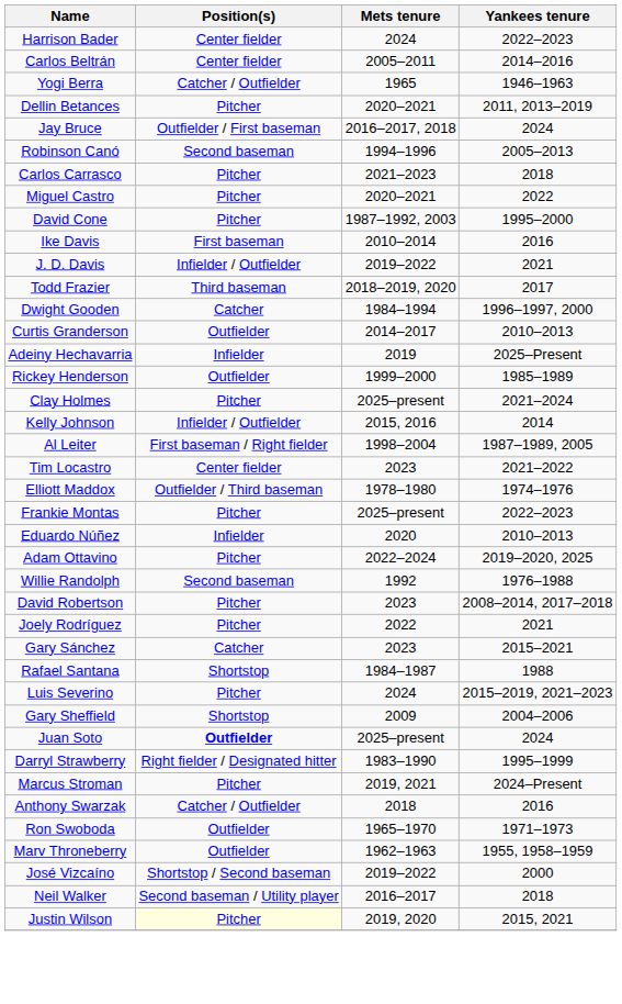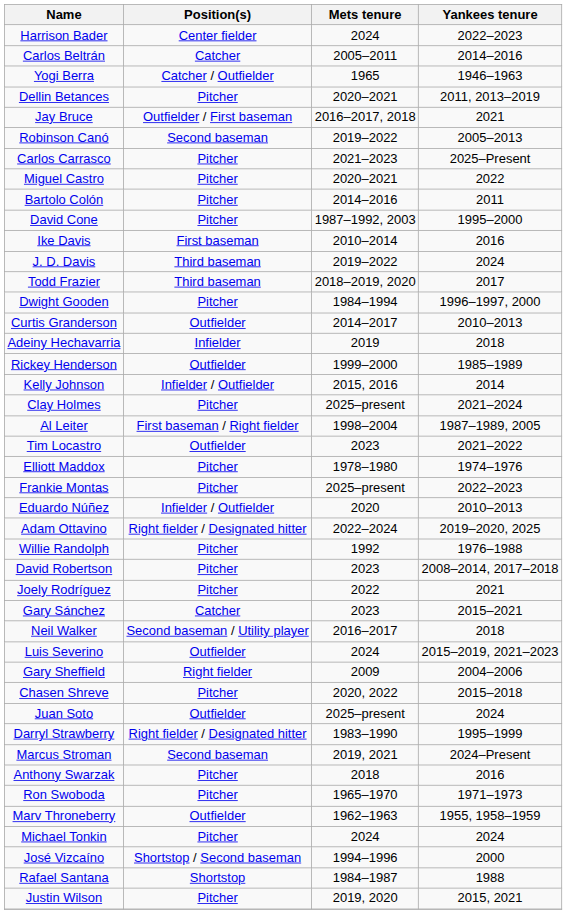 <table class="wikitable" style="text-align:center">
 <tr>
 <th>Name</th>
 <th>Position(s)</th>
 <th>Mets tenure</th>
 <th>Yankees tenure</th>
 </tr>
 <tr>
 <td><a href='#'>Harrison Bader</a></td>
 <td><a href='#'>Center fielder</a></td>
 <td>2024</td>
 <td>2022–2023</td>
 </tr>
 <tr>
 <td><a href='#'>Carlos Beltrán</a></td>
-<td><a href='#'>Center fielder</a></td>
+<td><a href='#'>Catcher</a></td>
 <td>2005–2011</td>
 <td>2014–2016</td>
 </tr>
 <tr>
 <td><a href='#'>Yogi Berra</a></td>
 <td><a href='#'>Catcher</a> / <a href='#'>Outfielder</a></td>
 <td>1965</td>
 <td>1946–1963</td>
 </tr>
 <tr>
 <td><a href='#'>Dellin Betances</a></td>
 <td><a href='#'>Pitcher</a></td>
 <td>2020–2021</td>
 <td>2011, 2013–2019</td>
 </tr>
 <tr>
 <td><a href='#'>Jay Bruce</a></td>
 <td><a href='#'>Outfielder</a> / <a href='#'>First baseman</a></td>
 <td>2016–2017, 2018</td>
-<td>2024</td>
+<td>2021</td>
 </tr>
 <tr>
 <td><a href='#'>Robinson Canó</a></td>
 <td><a href='#'>Second baseman</a></td>
-<td>1994–1996</td>
+<td>2019–2022</td>
 <td>2005–2013</td>
 </tr>
 <tr>
 <td><a href='#'>Carlos Carrasco</a></td>
 <td><a href='#'>Pitcher</a></td>
 <td>2021–2023</td>
-<td>2018</td>
+<td>2025–Present</td>
 </tr>
 <tr>
 <td><a href='#'>Miguel Castro</a></td>
 <td><a href='#'>Pitcher</a></td>
 <td>2020–2021</td>
 <td>2022</td>
+</tr>
+<tr>
+<td><a href='#'>Bartolo Colón</a></td>
+<td><a href='#'>Pitcher</a></td>
+<td>2014–2016</td>
+<td>2011</td>
 </tr>
 <tr>
 <td><a href='#'>David Cone</a></td>
 <td><a href='#'>Pitcher</a></td>
 <td>1987–1992, 2003</td>
 <td>1995–2000</td>
 </tr>
 <tr>
 <td><a href='#'>Ike Davis</a></td>
 <td><a href='#'>First baseman</a></td>
 <td>2010–2014</td>
 <td>2016</td>
 </tr>
 <tr>
 <td><a href='#'>J. D. Davis</a></td>
-<td><a href='#'>Infielder</a> / <a href='#'>Outfielder</a></td>
+<td><a href='#'>Third baseman</a></td>
 <td>2019–2022</td>
-<td>2021</td>
+<td>2024</td>
 </tr>
 <tr>
 <td><a href='#'>Todd Frazier</a></td>
 <td><a href='#'>Third baseman</a></td>
 <td>2018–2019, 2020</td>
 <td>2017</td>
 </tr>
 <tr>
 <td><a href='#'>Dwight Gooden</a></td>
-<td><a href='#'>Catcher</a></td>
+<td><a href='#'>Pitcher</a></td>
 <td>1984–1994</td>
 <td>1996–1997, 2000</td>
 </tr>
 <tr>
 <td><a href='#'>Curtis Granderson</a></td>
 <td><a href='#'>Outfielder</a></td>
 <td>2014–2017</td>
 <td>2010–2013</td>
 </tr>
 <tr>
 <td><a href='#'>Adeiny Hechavarria</a></td>
 <td><a href='#'>Infielder</a></td>
 <td>2019</td>
-<td>2025–Present</td>
+<td>2018</td>
 </tr>
 <tr>
 <td><a href='#'>Rickey Henderson</a></td>
 <td><a href='#'>Outfielder</a></td>
 <td>1999–2000</td>
 <td>1985–1989</td>
 </tr>
 <tr>
+<td><a href='#'>Kelly Johnson</a></td>
+<td><a href='#'>Infielder</a> / <a href='#'>Outfielder</a></td>
+<td>2015, 2016</td>
+<td>2014</td>
+</tr>
+<tr>
 <td><a href='#'>Clay Holmes</a></td>
 <td><a href='#'>Pitcher</a></td>
 <td>2025–present</td>
 <td>2021–2024</td>
-</tr>
-<tr>
-<td><a href='#'>Kelly Johnson</a></td>
-<td><a href='#'>Infielder</a> / <a href='#'>Outfielder</a></td>
-<td>2015, 2016</td>
-<td>2014</td>
 </tr>
 <tr>
 <td><a href='#'>Al Leiter</a></td>
 <td><a href='#'>First baseman</a> / <a href='#'>Right fielder</a></td>
 <td>1998–2004</td>
 <td>1987–1989, 2005</td>
 </tr>
 <tr>
 <td><a href='#'>Tim Locastro</a></td>
-<td><a href='#'>Center fielder</a></td>
+<td><a href='#'>Outfielder</a></td>
 <td>2023</td>
 <td>2021–2022</td>
 </tr>
 <tr>
 <td><a href='#'>Elliott Maddox</a></td>
-<td><a href='#'>Outfielder</a> / <a href='#'>Third baseman</a></td>
+<td><a href='#'>Pitcher</a></td>
 <td>1978–1980</td>
 <td>1974–1976</td>
 </tr>
 <tr>
 <td><a href='#'>Frankie Montas</a></td>
 <td><a href='#'>Pitcher</a></td>
 <td>2025–present</td>
 <td>2022–2023</td>
 </tr>
 <tr>
 <td><a href='#'>Eduardo Núñez</a></td>
-<td><a href='#'>Infielder</a></td>
+<td><a href='#'>Infielder</a> / <a href='#'>Outfielder</a></td>
 <td>2020</td>
 <td>2010–2013</td>
 </tr>
 <tr>
 <td><a href='#'>Adam Ottavino</a></td>
-<td><a href='#'>Pitcher</a></td>
+<td><a href='#'>Right fielder</a> / <a href='#'>Designated hitter</a></td>
 <td>2022–2024</td>
 <td>2019–2020, 2025</td>
 </tr>
 <tr>
 <td><a href='#'>Willie Randolph</a></td>
-<td><a href='#'>Second baseman</a></td>
+<td><a href='#'>Pitcher</a></td>
 <td>1992</td>
 <td>1976–1988</td>
 </tr>
 <tr>
 <td><a href='#'>David Robertson</a></td>
 <td><a href='#'>Pitcher</a></td>
 <td>2023</td>
 <td>2008–2014, 2017–2018</td>
 </tr>
 <tr>
 <td><a href='#'>Joely Rodríguez</a></td>
 <td><a href='#'>Pitcher</a></td>
 <td>2022</td>
 <td>2021</td>
 </tr>
 <tr>
 <td><a href='#'>Gary Sánchez</a></td>
 <td><a href='#'>Catcher</a></td>
 <td>2023</td>
 <td>2015–2021</td>
 </tr>
 <tr>
-<td><a href='#'>Rafael Santana</a></td>
-<td><a href='#'>Shortstop</a></td>
-<td>1984–1987</td>
-<td>1988</td>
+<td><a href='#'>Neil Walker</a></td>
+<td><a href='#'>Second baseman</a> / <a href='#'>Utility player</a></td>
+<td>2016–2017</td>
+<td>2018</td>
 </tr>
 <tr>
 <td><a href='#'>Luis Severino</a></td>
-<td><a href='#'>Pitcher</a></td>
+<td><a href='#'>Outfielder</a></td>
 <td>2024</td>
 <td>2015–2019, 2021–2023</td>
 </tr>
 <tr>
 <td><a href='#'>Gary Sheffield</a></td>
-<td><a href='#'>Shortstop</a></td>
+<td><a href='#'>Right fielder</a></td>
 <td>2009</td>
 <td>2004–2006</td>
 </tr>
 <tr>
+<td><a href='#'>Chasen Shreve</a></td>
+<td><a href='#'>Pitcher</a></td>
+<td>2020, 2022</td>
+<td>2015–2018</td>
+</tr>
+<tr>
 <td><a href='#'>Juan Soto</a></td>
-<td><strong><a href='#'>Outfielder</a></strong></td>
+<td><a href='#'>Outfielder</a></td>
 <td>2025–present</td>
 <td>2024</td>
 </tr>
 <tr>
 <td><a href='#'>Darryl Strawberry</a></td>
 <td><a href='#'>Right fielder</a> / <a href='#'>Designated hitter</a></td>
 <td>1983–1990</td>
 <td>1995–1999</td>
 </tr>
 <tr>
 <td><a href='#'>Marcus Stroman</a></td>
-<td><a href='#'>Pitcher</a></td>
+<td><a href='#'>Second baseman</a></td>
 <td>2019, 2021</td>
 <td>2024–Present</td>
 </tr>
 <tr>
 <td><a href='#'>Anthony Swarzak</a></td>
-<td><a href='#'>Catcher</a> / <a href='#'>Outfielder</a></td>
+<td><a href='#'>Pitcher</a></td>
 <td>2018</td>
 <td>2016</td>
 </tr>
 <tr>
 <td><a href='#'>Ron Swoboda</a></td>
-<td><a href='#'>Outfielder</a></td>
+<td><a href='#'>Pitcher</a></td>
 <td>1965–1970</td>
 <td>1971–1973</td>
 </tr>
 <tr>
 <td><a href='#'>Marv Throneberry</a></td>
 <td><a href='#'>Outfielder</a></td>
 <td>1962–1963</td>
 <td>1955, 1958–1959</td>
 </tr>
 <tr>
+<td><a href='#'>Michael Tonkin</a></td>
+<td><a href='#'>Pitcher</a></td>
+<td>2024</td>
+<td>2024</td>
+</tr>
+<tr>
 <td><a href='#'>José Vizcaíno</a></td>
 <td><a href='#'>Shortstop</a> / <a href='#'>Second baseman</a></td>
-<td>2019–2022</td>
+<td>1994–1996</td>
 <td>2000</td>
 </tr>
 <tr>
-<td><a href='#'>Neil Walker</a></td>
-<td><a href='#'>Second baseman</a> / <a href='#'>Utility player</a></td>
-<td>2016–2017</td>
-<td>2018</td>
+<td><a href='#'>Rafael Santana</a></td>
+<td><a href='#'>Shortstop</a></td>
+<td>1984–1987</td>
+<td>1988</td>
 </tr>
 <tr>
 <td><a href='#'>Justin Wilson</a></td>
-<td style="background: lightyellow;"><a href='#'>Pitcher</a></td>
+<td><a href='#'>Pitcher</a></td>
 <td>2019, 2020</td>
 <td>2015, 2021</td>
 </tr>
 <tr>
 </tr>
 </table>
